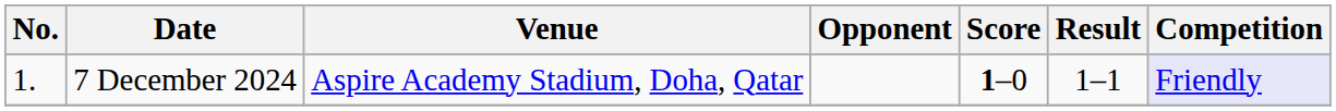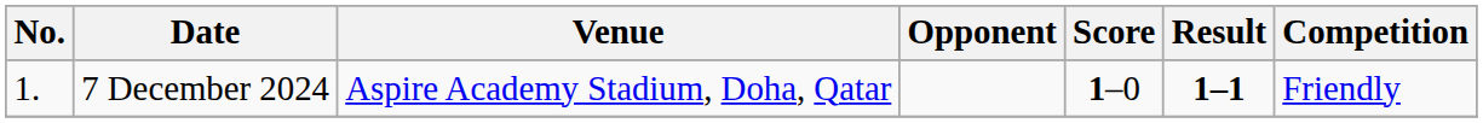 <table class="wikitable">
 <tr>
 <th>No.</th>
 <th>Date</th>
 <th>Venue</th>
 <th>Opponent</th>
 <th>Score</th>
 <th>Result</th>
 <th>Competition</th>
 </tr>
 <tr>
 <td>1.</td>
 <td>7 December 2024</td>
 <td><a href='#'>Aspire Academy Stadium</a>, <a href='#'>Doha</a>, <a href='#'>Qatar</a></td>
 <td></td>
 <td align=center><strong>1</strong>–0</td>
-<td align=center>1–1</td>
-<td style="background: lavender;"><a href='#'>Friendly</a></td>
+<td align=center><strong>1–1</strong></td>
+<td><a href='#'>Friendly</a></td>
 </tr>
 <tr>
 </tr>
 </table>
